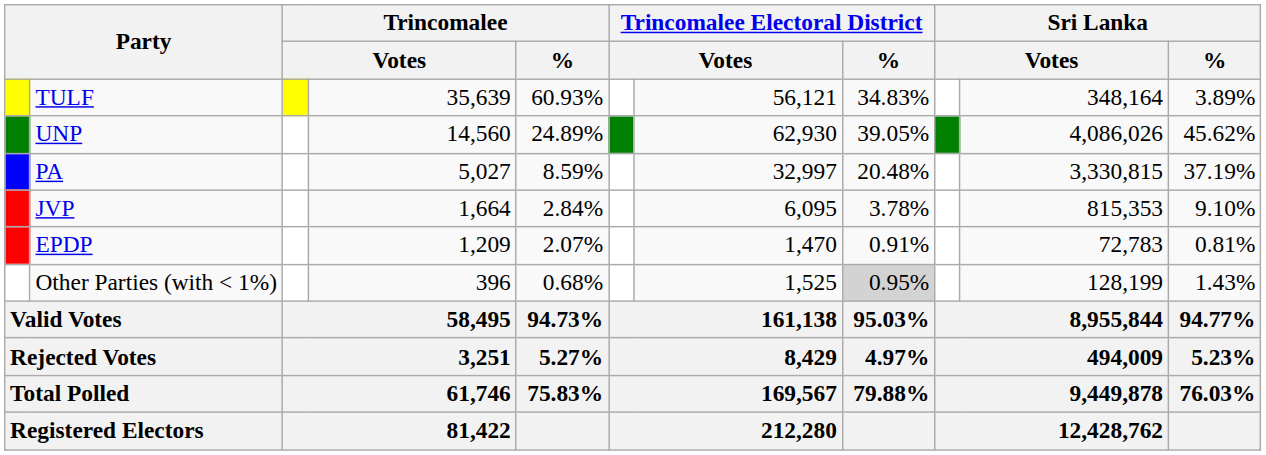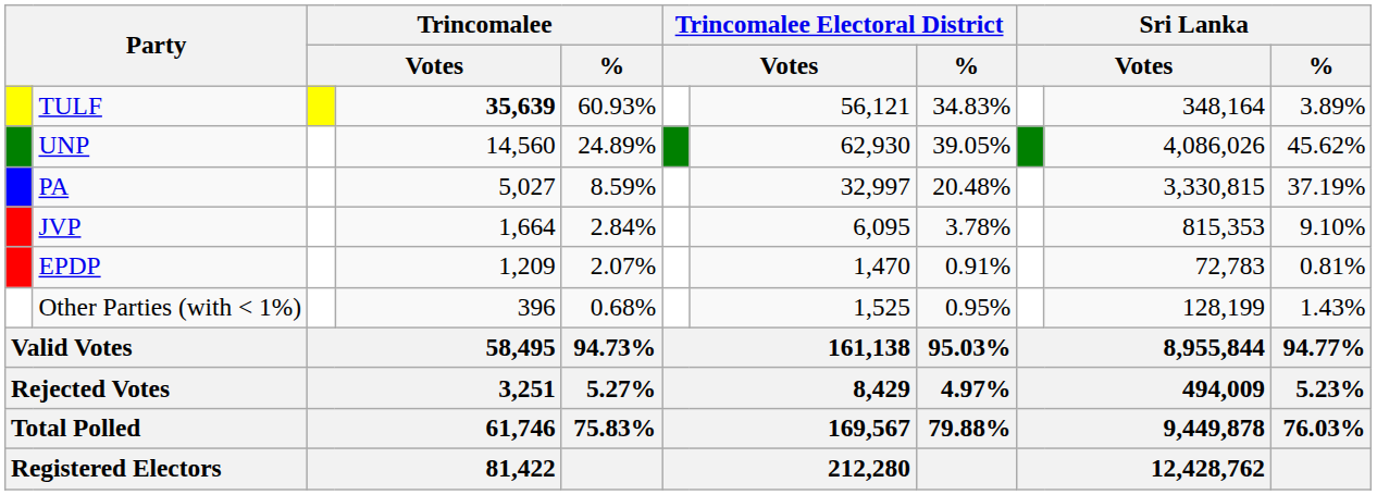 <table class="wikitable">
 <tr>
 <th colspan="2" width="144px"rowspan="2">Party</th>
 <th colspan="3" width="216px">Trincomalee</th>
 <th colspan="3" width="216px"><a href='#'>Trincomalee Electoral District</a></th>
 <th colspan="3" width="216px">Sri Lanka</th>
 </tr>
 <tr>
 <th colspan="2" width="144px">Votes</th>
 <th>%</th>
 <th colspan="2" width="144px">Votes</th>
 <th>%</th>
 <th colspan="2" width="144px">Votes</th>
 <th>%</th>
 </tr>
 <tr>
 <td style="background-color:yellow;" width="10px"></td>
 <td style="text-align:left;"><a href='#'>TULF</a></td>
 <td style="background-color:yellow;" width="10px"></td>
-<td style="text-align:right;">35,639</td>
+<td style="text-align:right;"><strong>35,639</strong></td>
 <td style="text-align:right;">60.93%</td>
 <td style="background-color:white;" width="10px"></td>
 <td style="text-align:right;">56,121</td>
 <td style="text-align:right;">34.83%</td>
 <td style="background-color:white;" width="10px"></td>
 <td style="text-align:right;">348,164</td>
 <td style="text-align:right;">3.89%</td>
 </tr>
 <tr>
 <td style="background-color:green;" width="10px"></td>
 <td style="text-align:left;"><a href='#'>UNP</a></td>
 <td style="background-color:white;" width="10px"></td>
 <td style="text-align:right;">14,560</td>
 <td style="text-align:right;">24.89%</td>
 <td style="background-color:green;" width="10px"></td>
 <td style="text-align:right;">62,930</td>
 <td style="text-align:right;">39.05%</td>
 <td style="background-color:green;" width="10px"></td>
 <td style="text-align:right;">4,086,026</td>
 <td style="text-align:right;">45.62%</td>
 </tr>
 <tr>
 <td style="background-color:blue;" width="10px"></td>
 <td style="text-align:left;"><a href='#'>PA</a></td>
 <td style="background-color:white;" width="10px"></td>
 <td style="text-align:right;">5,027</td>
 <td style="text-align:right;">8.59%</td>
 <td style="background-color:white;" width="10px"></td>
 <td style="text-align:right;">32,997</td>
 <td style="text-align:right;">20.48%</td>
 <td style="background-color:white;" width="10px"></td>
 <td style="text-align:right;">3,330,815</td>
 <td style="text-align:right;">37.19%</td>
 </tr>
 <tr>
 <td style="background-color:red;" width="10px"></td>
 <td style="text-align:left;"><a href='#'>JVP</a></td>
 <td style="background-color:white;" width="10px"></td>
 <td style="text-align:right;">1,664</td>
 <td style="text-align:right;">2.84%</td>
 <td style="background-color:white;" width="10px"></td>
 <td style="text-align:right;">6,095</td>
 <td style="text-align:right;">3.78%</td>
 <td style="background-color:white;" width="10px"></td>
 <td style="text-align:right;">815,353</td>
 <td style="text-align:right;">9.10%</td>
 </tr>
 <tr>
 <td style="background-color:red;" width="10px"></td>
 <td style="text-align:left;"><a href='#'>EPDP</a></td>
 <td style="background-color:white;" width="10px"></td>
 <td style="text-align:right;">1,209</td>
 <td style="text-align:right;">2.07%</td>
 <td style="background-color:white;" width="10px"></td>
 <td style="text-align:right;">1,470</td>
 <td style="text-align:right;">0.91%</td>
 <td style="background-color:white;" width="10px"></td>
 <td style="text-align:right;">72,783</td>
 <td style="text-align:right;">0.81%</td>
 </tr>
 <tr>
 <td style="background-color:white;" width="10px"></td>
 <td style="text-align:left;">Other Parties (with < 1%)</td>
 <td style="background-color:white;" width="10px"></td>
 <td style="text-align:right;">396</td>
 <td style="text-align:right;">0.68%</td>
 <td style="background-color:white;" width="10px"></td>
 <td style="text-align:right;">1,525</td>
-<td style="background: lightgrey; text-align:right;">0.95%</td>
+<td style="text-align:right;">0.95%</td>
 <td style="background-color:white;" width="10px"></td>
 <td style="text-align:right;">128,199</td>
 <td style="text-align:right;">1.43%</td>
 </tr>
 <tr>
 <th colspan="2" width="144px"style="text-align:left;">Valid Votes</th>
 <th style="text-align:right;"colspan="2" width="144px">58,495</th>
 <th style="text-align:right;">94.73%</th>
 <th style="text-align:right;"colspan="2" width="144px">161,138</th>
 <th style="text-align:right;">95.03%</th>
 <th style="text-align:right;"colspan="2" width="144px">8,955,844</th>
 <th style="text-align:right;">94.77%</th>
 </tr>
 <tr>
 <th colspan="2" width="144px"style="text-align:left;">Rejected Votes</th>
 <th style="text-align:right;"colspan="2" width="144px">3,251</th>
 <th style="text-align:right;">5.27%</th>
 <th style="text-align:right;"colspan="2" width="144px">8,429</th>
 <th style="text-align:right;">4.97%</th>
 <th style="text-align:right;"colspan="2" width="144px">494,009</th>
 <th style="text-align:right;">5.23%</th>
 </tr>
 <tr>
 <th colspan="2" width="144px"style="text-align:left;">Total Polled</th>
 <th style="text-align:right;"colspan="2" width="144px">61,746</th>
 <th style="text-align:right;">75.83%</th>
 <th style="text-align:right;"colspan="2" width="144px">169,567</th>
 <th style="text-align:right;">79.88%</th>
 <th style="text-align:right;"colspan="2" width="144px">9,449,878</th>
 <th style="text-align:right;">76.03%</th>
 </tr>
 <tr>
 <th colspan="2" width="144px"style="text-align:left;">Registered Electors</th>
 <th style="text-align:right;"colspan="2" width="144px">81,422</th>
 <th></th>
 <th style="text-align:right;"colspan="2" width="144px">212,280</th>
 <th></th>
 <th style="text-align:right;"colspan="2" width="144px">12,428,762</th>
 <th></th>
 </tr>
 </table>
